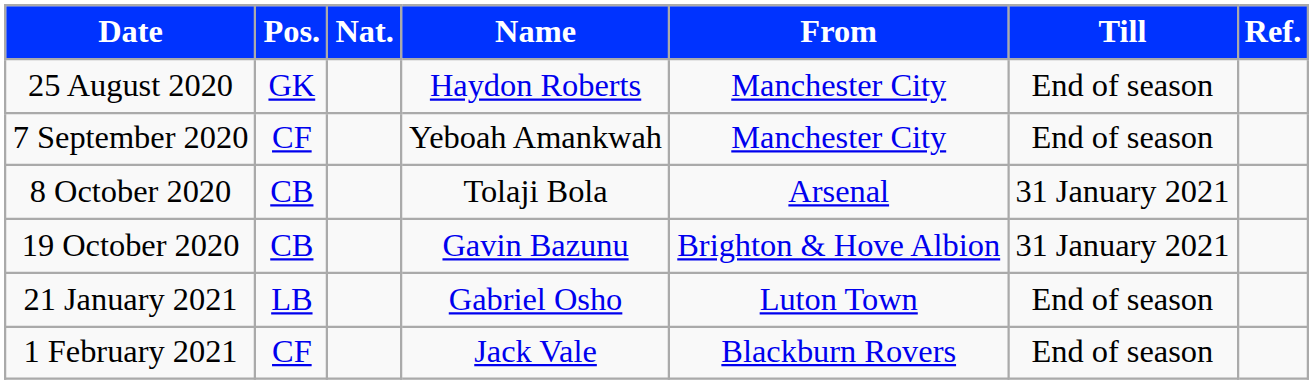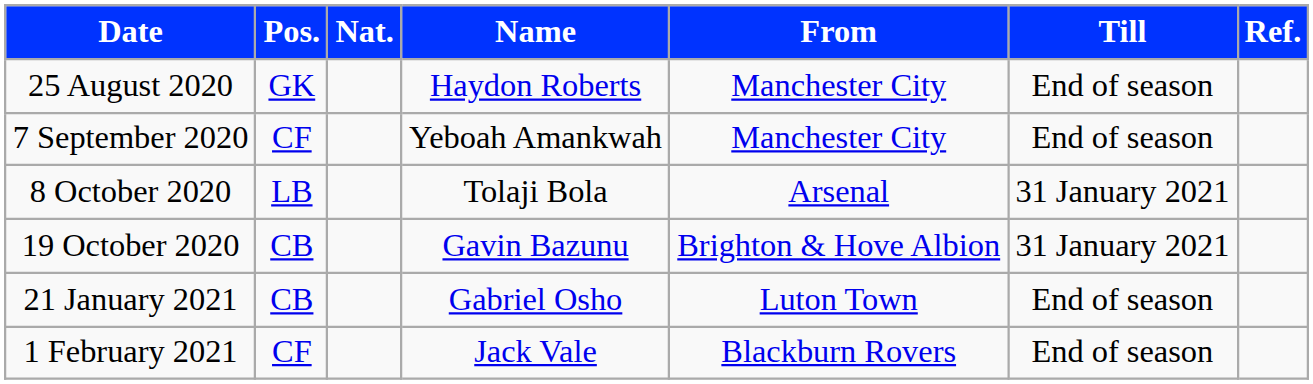 <table class="wikitable"  style="text-align:center; font-size:90%; ">
 <tr>
 <th style="background:#03f;color:#fff;">Date</th>
 <th style="background:#03f;color:#fff;">Pos.</th>
 <th style="background:#03f;color:#fff;">Nat.</th>
 <th style="background:#03f;color:#fff;">Name</th>
 <th style="background:#03f;color:#fff;">From</th>
 <th style="background:#03f;color:#fff;">Till</th>
 <th style="background:#03f;color:#fff;">Ref.</th>
 </tr>
 <tr>
 <td>25 August 2020</td>
 <td><a href='#'>GK</a></td>
 <td></td>
 <td><a href='#'>Haydon Roberts</a></td>
 <td> <a href='#'>Manchester City</a></td>
 <td>End of season</td>
 <td></td>
 </tr>
 <tr>
 <td>7 September 2020</td>
 <td><a href='#'>CF</a></td>
 <td></td>
 <td>Yeboah Amankwah</td>
 <td> <a href='#'>Manchester City</a></td>
 <td>End of season</td>
 <td></td>
 </tr>
 <tr>
 <td>8 October 2020</td>
-<td><a href='#'>CB</a></td>
+<td><a href='#'>LB</a></td>
 <td></td>
 <td>Tolaji Bola</td>
 <td> <a href='#'>Arsenal</a></td>
 <td>31 January 2021</td>
 <td></td>
 </tr>
 <tr>
 <td>19 October 2020</td>
 <td><a href='#'>CB</a></td>
 <td></td>
 <td><a href='#'>Gavin Bazunu</a></td>
 <td> <a href='#'>Brighton & Hove Albion</a></td>
 <td>31 January 2021</td>
 <td></td>
 </tr>
 <tr>
 <td>21 January 2021</td>
-<td><a href='#'>LB</a></td>
+<td><a href='#'>CB</a></td>
 <td></td>
 <td><a href='#'>Gabriel Osho</a></td>
 <td> <a href='#'>Luton Town</a></td>
 <td>End of season</td>
 <td></td>
 </tr>
 <tr>
 <td>1 February 2021</td>
 <td><a href='#'>CF</a></td>
 <td></td>
 <td><a href='#'>Jack Vale</a></td>
 <td> <a href='#'>Blackburn Rovers</a></td>
 <td>End of season</td>
 <td></td>
 </tr>
 </table>
